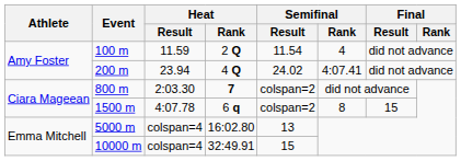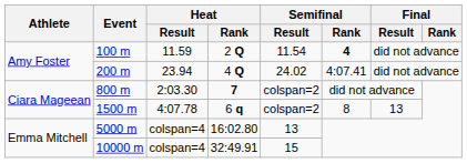 <table class="wikitable" style="font-size:90%">
 <tr>
 <th rowspan=2>Athlete</th>
 <th rowspan=2>Event</th>
 <th colspan=2>Heat</th>
 <th colspan=2>Semifinal</th>
 <th colspan=2>Final</th>
 </tr>
 <tr style="font-size:95%">
 <th>Result</th>
 <th>Rank</th>
 <th>Result</th>
 <th>Rank</th>
 <th>Result</th>
 <th>Rank</th>
 </tr>
 <tr align=center>
 <td align=left rowspan=2><a href='#'>Amy Foster</a></td>
 <td align=left><a href='#'>100 m</a></td>
 <td>11.59</td>
 <td>2 <strong>Q</strong></td>
 <td>11.54</td>
-<td>4</td>
+<td><strong>4</strong></td>
 <td colspan=2>did not advance</td>
 </tr>
 <tr align=center>
 <td align=left><a href='#'>200 m</a></td>
 <td>23.94</td>
 <td>4 <strong>Q</strong></td>
 <td>24.02</td>
 <td>4:07.41</td>
 <td colspan=2>did not advance</td>
 </tr>
 <tr align=center>
 <td align=left rowspan=2><a href='#'>Ciara Mageean</a></td>
 <td align=left><a href='#'>800 m</a></td>
 <td>2:03.30</td>
 <td><strong>7</strong></td>
 <td>colspan=2 </td>
 <td colspan=2>did not advance</td>
 </tr>
 <tr align=center>
 <td align=left><a href='#'>1500 m</a></td>
 <td>4:07.78</td>
 <td>6 <strong>q</strong></td>
 <td>colspan=2 </td>
 <td>8</td>
-<td>15</td>
+<td>13</td>
 </tr>
 <tr align=center>
 <td align=left rowspan=2>Emma Mitchell</td>
 <td align=left><a href='#'>5000 m</a></td>
 <td>colspan=4 </td>
 <td>16:02.80</td>
 <td>13</td>
 </tr>
 <tr align=center>
 <td align=left><a href='#'>10000 m</a></td>
 <td>colspan=4 </td>
 <td>32:49.91</td>
 <td>15</td>
 </tr>
 </table>
